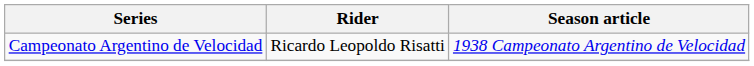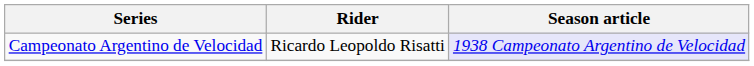 <table class="wikitable" style="font-size: 87%;">
 <tr>
 <th>Series</th>
 <th>Rider</th>
 <th>Season article</th>
 </tr>
 <tr>
 <td><a href='#'>Campeonato Argentino de Velocidad</a></td>
 <td> Ricardo Leopoldo Risatti</td>
-<td><em><a href='#'>1938 Campeonato Argentino de Velocidad</a></em></td>
+<td style="background: lavender;"><em><a href='#'>1938 Campeonato Argentino de Velocidad</a></em></td>
 </tr>
 <tr>
 </tr>
 </table>
